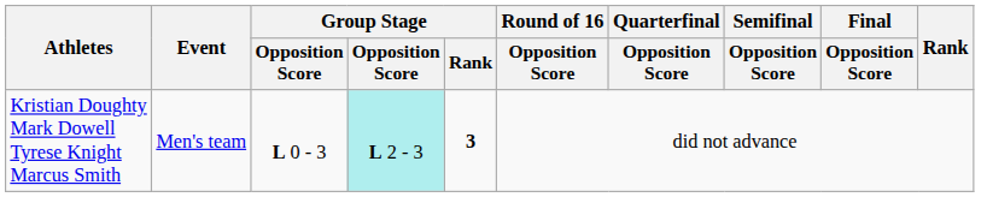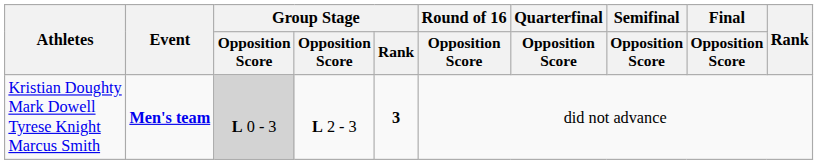 <table class="wikitable" style="font-size:90%">
 <tr>
 <th rowspan=2>Athletes</th>
 <th rowspan=2>Event</th>
 <th colspan=3>Group Stage</th>
 <th>Round of 16</th>
 <th>Quarterfinal</th>
 <th>Semifinal</th>
 <th>Final</th>
 <th rowspan=2>Rank</th>
 </tr>
 <tr style="font-size:95%">
 <th>Opposition<br>Score</th>
 <th>Opposition<br>Score</th>
 <th>Rank</th>
 <th>Opposition<br>Score</th>
 <th>Opposition<br>Score</th>
 <th>Opposition<br>Score</th>
 <th>Opposition<br>Score</th>
 </tr>
 <tr align=center>
 <td align=left><a href='#'>Kristian Doughty</a><br><a href='#'>Mark Dowell</a><br><a href='#'>Tyrese Knight</a><br><a href='#'>Marcus Smith</a></td>
-<td align=left><a href='#'>Men's team</a></td>
-<td><br><strong>L</strong> 0 - 3</td>
-<td style="background: paleturquoise;"><br><strong>L</strong> 2 - 3</td>
+<td align=left><strong><a href='#'>Men's team</a></strong></td>
+<td style="background: lightgrey;"><br><strong>L</strong> 0 - 3</td>
+<td><br><strong>L</strong> 2 - 3</td>
 <td><strong>3</strong></td>
 <td colspan=5>did not advance</td>
 </tr>
 </table>
